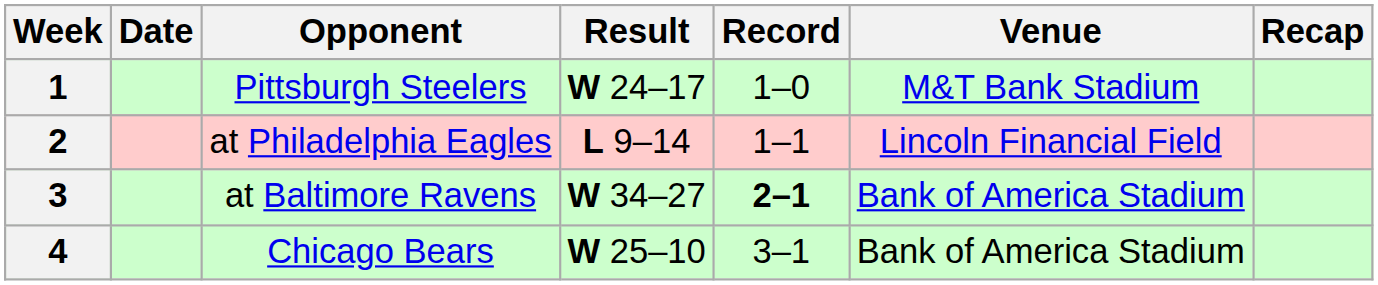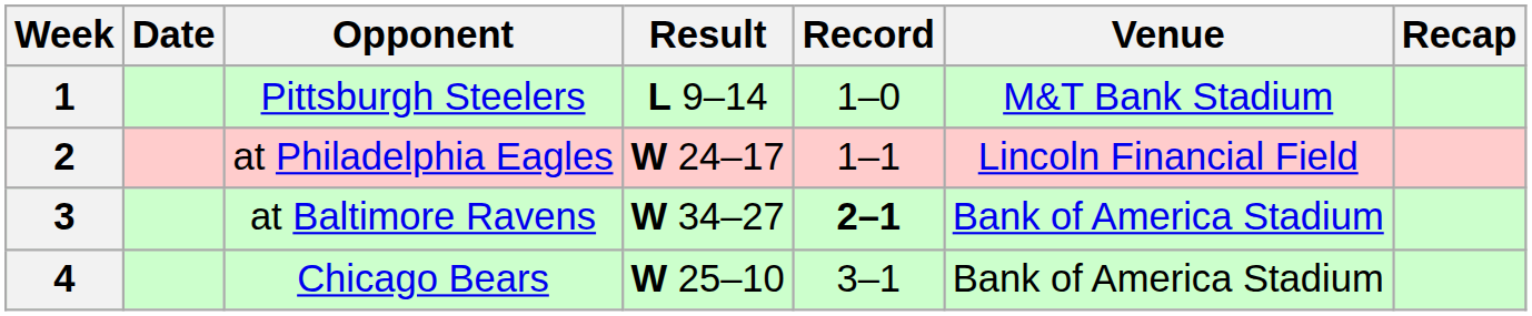 <table class="wikitable" style="text-align:center">
 <tr>
 <th>Week</th>
 <th>Date</th>
 <th>Opponent</th>
 <th>Result</th>
 <th>Record</th>
 <th>Venue</th>
 <th>Recap</th>
 </tr>
 <tr style="background:#cfc">
 <th>1</th>
 <td></td>
 <td><a href='#'>Pittsburgh Steelers</a></td>
-<td><strong>W</strong> 24–17</td>
+<td><strong>L</strong> 9–14</td>
 <td>1–0</td>
 <td><a href='#'>M&T Bank Stadium</a></td>
 <td></td>
 </tr>
 <tr style="background:#fcc">
 <th>2</th>
 <td></td>
 <td>at <a href='#'>Philadelphia Eagles</a></td>
-<td><strong>L</strong> 9–14</td>
+<td><strong>W</strong> 24–17</td>
 <td>1–1</td>
 <td><a href='#'>Lincoln Financial Field</a></td>
 <td></td>
 </tr>
 <tr style="background:#cfc">
 <th>3</th>
 <td></td>
 <td>at <a href='#'>Baltimore Ravens</a></td>
 <td><strong>W</strong> 34–27</td>
 <td><strong>2–1</strong></td>
 <td><a href='#'>Bank of America Stadium</a></td>
 <td></td>
 </tr>
 <tr style="background:#cfc">
 <th>4</th>
 <td></td>
 <td><a href='#'>Chicago Bears</a></td>
 <td><strong>W</strong> 25–10</td>
 <td>3–1</td>
 <td>Bank of America Stadium</td>
 <td></td>
 </tr>
 </table>
